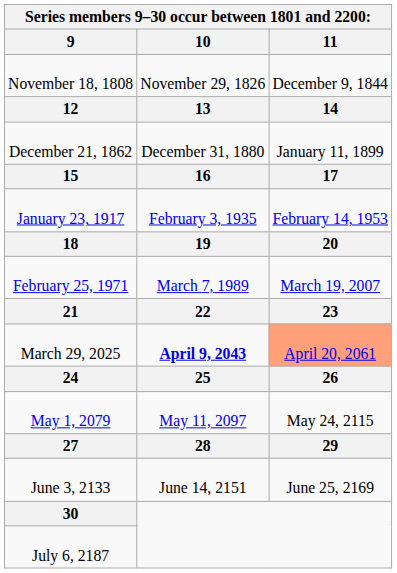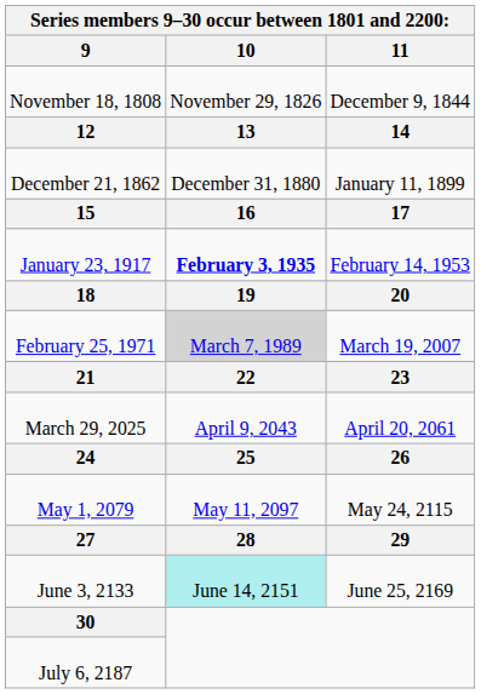 <table class="wikitable mw-collapsible mw-collapsed">
 <tr>
 <th colspan=3>Series members 9–30 occur between 1801 and 2200:</th>
 </tr>
 <tr>
 <th>9</th>
 <th>10</th>
 <th>11</th>
 </tr>
 <tr style="text-align:center;">
 <td><br>November 18, 1808</td>
 <td><br>November 29, 1826</td>
 <td><br>December 9, 1844</td>
 </tr>
 <tr>
 <th>12</th>
 <th>13</th>
 <th>14</th>
 </tr>
 <tr style="text-align:center;">
 <td><br>December 21, 1862</td>
 <td><br>December 31, 1880</td>
 <td><br>January 11, 1899</td>
 </tr>
 <tr>
 <th>15</th>
 <th>16</th>
 <th>17</th>
 </tr>
 <tr style="text-align:center;">
 <td><br><a href='#'>January 23, 1917</a></td>
-<td><br><a href='#'>February 3, 1935</a></td>
+<td><strong><br><a href='#'>February 3, 1935</a></strong></td>
 <td><br><a href='#'>February 14, 1953</a></td>
 </tr>
 <tr>
 <th>18</th>
 <th>19</th>
 <th>20</th>
 </tr>
 <tr style="text-align:center;">
 <td><br><a href='#'>February 25, 1971</a></td>
-<td><br><a href='#'>March 7, 1989</a></td>
+<td style="background: lightgrey;"><br><a href='#'>March 7, 1989</a></td>
 <td><br><a href='#'>March 19, 2007</a></td>
 </tr>
 <tr>
 <th>21</th>
 <th>22</th>
 <th>23</th>
 </tr>
 <tr style="text-align:center;">
 <td><br>March 29, 2025</td>
-<td><strong><br><a href='#'>April 9, 2043</a></strong></td>
-<td style="background: lightsalmon;"><br><a href='#'>April 20, 2061</a></td>
+<td><br><a href='#'>April 9, 2043</a></td>
+<td><br><a href='#'>April 20, 2061</a></td>
 </tr>
 <tr>
 <th>24</th>
 <th>25</th>
 <th>26</th>
 </tr>
 <tr style="text-align:center;">
 <td><br><a href='#'>May 1, 2079</a></td>
 <td><br><a href='#'>May 11, 2097</a></td>
 <td><br>May 24, 2115</td>
 </tr>
 <tr>
 <th>27</th>
 <th>28</th>
 <th>29</th>
 </tr>
 <tr style="text-align:center;">
 <td><br>June 3, 2133</td>
-<td><br>June 14, 2151</td>
+<td style="background: paleturquoise;"><br>June 14, 2151</td>
 <td><br>June 25, 2169</td>
 </tr>
 <tr>
 <th>30</th>
 </tr>
 <tr style="text-align:center;">
 <td><br>July 6, 2187</td>
 </tr>
 </table>
